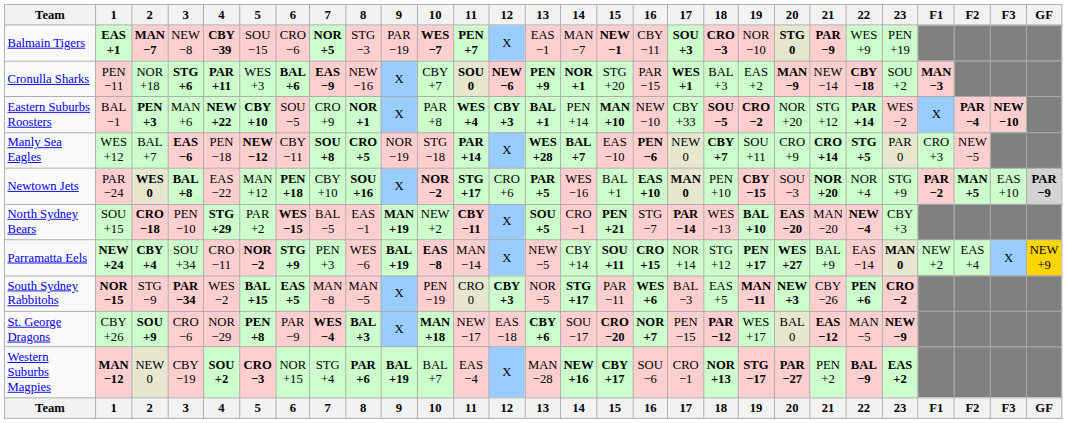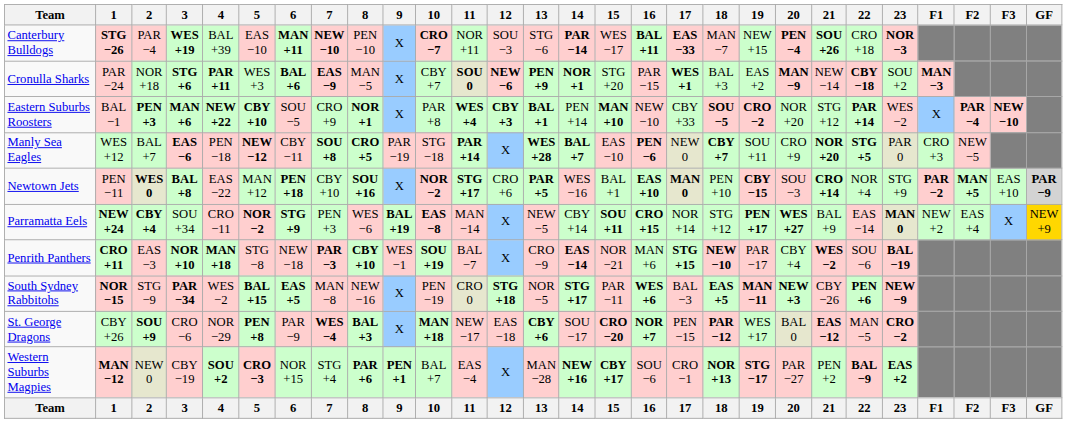 <table class="wikitable sortable" style="font-size:85%; text-align:center; width:90%">
 <tr valign="top">
 <th valign="middle">Team</th>
 <th>1</th>
 <th>2</th>
 <th>3</th>
 <th>4</th>
 <th>5</th>
 <th>6</th>
 <th>7</th>
 <th>8</th>
 <th>9</th>
 <th>10</th>
 <th>11</th>
 <th>12</th>
 <th>13</th>
 <th>14</th>
 <th>15</th>
 <th>16</th>
 <th>17</th>
 <th>18</th>
 <th>19</th>
 <th>20</th>
 <th>21</th>
 <th>22</th>
 <th>23</th>
 <th>F1</th>
 <th>F2</th>
 <th>F3</th>
 <th>GF</th>
 </tr>
 <tr>
-<td align="left"><a href='#'>Balmain Tigers</a></td>
-<td style="background:#cfc;"><strong>EAS<br>+1</strong></td>
-<td style="background:#FFCFCF;"><strong>MAN<br>−7</strong></td>
-<td style="background:#FFCFCF;">NEW<br>−8</td>
-<td style="background:#FFCFCF;"><strong>CBY<br>−39</strong></td>
-<td style="background:#FFCFCF;">SOU<br>−15</td>
-<td style="background:#FFCFCF;">CRO<br>−6</td>
-<td style="background:#cfc;"><strong>NOR<br>+5</strong></td>
-<td style="background:#FFCFCF;">STG<br>−3</td>
-<td style="background:#FFCFCF;">PAR<br>−19</td>
-<td style="background:#FFCFCF;"><strong>WES<br>−7</strong></td>
-<td style="background:#cfc;"><strong>PEN<br>+7</strong></td>
+<td align="left"><a href='#'>Canterbury Bulldogs</a></td>
+<td style="background:#FFCFCF;"><strong>STG<br>−26</strong></td>
+<td style="background:#FFCFCF;">PAR<br>−4</td>
+<td style="background:#cfc;"><strong>WES<br>+19</strong></td>
+<td style="background:#cfc;">BAL<br>+39</td>
+<td style="background:#FFCFCF;">EAS<br>−10</td>
+<td style="background:#cfc;"><strong>MAN<br>+11</strong></td>
+<td style="background:#FFCFCF;"><strong>NEW<br>−10</strong></td>
+<td style="background:#FFCFCF;">PEN<br>−10</td>
 <td style="background:#99ccff;">X</td>
-<td style="background:#FFCFCF;">EAS<br>−1</td>
+<td style="background:#FFCFCF;"><strong>CRO<br>−7</strong></td>
+<td style="background:#cfc;">NOR<br>+11</td>
+<td style="background:#FFCFCF;">SOU<br>−3</td>
+<td style="background:#FFCFCF;">STG<br>−6</td>
+<td style="background:#FFCFCF;"><strong>PAR<br>−14</strong></td>
+<td style="background:#FFCFCF;">WES<br>−17</td>
+<td style="background:#cfc;"><strong>BAL<br>+11</strong></td>
+<td style="background:#FFCFCF;"><strong>EAS<br>−33</strong></td>
 <td style="background:#FFCFCF;">MAN<br>−7</td>
-<td style="background:#FFCFCF;"><strong>NEW<br>−1</strong></td>
-<td style="background:#FFCFCF;">CBY<br>−11</td>
-<td style="background:#cfc;"><strong>SOU<br>+3</strong></td>
-<td style="background:#FFCFCF;"><strong>CRO<br>−3</strong></td>
-<td style="background:#FFCFCF;">NOR<br>−10</td>
-<td style="background:#E6E7CE"><strong>STG<br>0</strong></td>
-<td style="background:#FFCFCF;"><strong>PAR<br>−9</strong></td>
-<td style="background:#cfc;">WES<br>+9</td>
-<td style="background:#cfc;">PEN<br>+19</td>
+<td style="background:#cfc;">NEW<br>+15</td>
+<td style="background:#FFCFCF;"><strong>PEN<br>−4</strong></td>
+<td style="background:#cfc;"><strong>SOU<br>+26</strong></td>
+<td style="background:#cfc;">CRO<br>+18</td>
+<td style="background:#FFCFCF;"><strong>NOR<br>−3</strong></td>
 <td style="background:#808080;"></td>
 <td style="background:#808080;"></td>
 <td style="background:#808080;"></td>
 <td style="background:#808080;"></td>
 </tr>
 <tr>
 <td align="left"><a href='#'>Cronulla Sharks</a></td>
-<td style="background:#FFCFCF;">PEN<br>−11</td>
+<td style="background:#FFCFCF;">PAR<br>−24</td>
 <td style="background:#cfc;">NOR<br>+18</td>
 <td style="background:#cfc;"><strong>STG<br>+6</strong></td>
 <td style="background:#cfc;"><strong>PAR<br>+11</strong></td>
 <td style="background:#cfc;">WES<br>+3</td>
 <td style="background:#cfc;"><strong>BAL<br>+6</strong></td>
 <td style="background:#FFCFCF;"><strong>EAS<br>−9</strong></td>
-<td style="background:#FFCFCF;">NEW<br>−16</td>
+<td style="background:#FFCFCF;">MAN<br>−5</td>
 <td style="background:#99ccff;">X</td>
 <td style="background:#cfc;">CBY<br>+7</td>
 <td style="background:#E6E7CE"><strong>SOU<br>0</strong></td>
 <td style="background:#FFCFCF;"><strong>NEW<br>−6</strong></td>
 <td style="background:#cfc;"><strong>PEN<br>+9</strong></td>
 <td style="background:#cfc;"><strong>NOR<br>+1</strong></td>
 <td style="background:#cfc;">STG<br>+20</td>
 <td style="background:#FFCFCF;">PAR<br>−15</td>
 <td style="background:#cfc;"><strong>WES<br>+1</strong></td>
 <td style="background:#cfc;">BAL<br>+3</td>
 <td style="background:#cfc;">EAS<br>+2</td>
 <td style="background:#FFCFCF;"><strong>MAN<br>−9</strong></td>
 <td style="background:#FFCFCF;">NEW<br>−14</td>
 <td style="background:#FFCFCF;"><strong>CBY<br>−18</strong></td>
 <td style="background:#cfc;">SOU<br>+2</td>
 <td style="background:#FFCFCF;"><strong>MAN<br>−3</strong></td>
 <td style="background:#808080;"></td>
 <td style="background:#808080;"></td>
 <td style="background:#808080;"></td>
 </tr>
 <tr>
 <td align="left"><a href='#'>Eastern Suburbs Roosters</a></td>
 <td style="background:#FFCFCF;">BAL<br>−1</td>
 <td style="background:#cfc;"><strong>PEN<br>+3</strong></td>
-<td style="background:#cfc;">MAN<br>+6</td>
+<td style="background:#cfc;"><strong>MAN<br>+6</strong></td>
 <td style="background:#cfc;"><strong>NEW<br>+22</strong></td>
 <td style="background:#cfc;"><strong>CBY<br>+10</strong></td>
 <td style="background:#FFCFCF;">SOU<br>−5</td>
 <td style="background:#cfc;">CRO<br>+9</td>
 <td style="background:#cfc;"><strong>NOR<br>+1</strong></td>
 <td style="background:#99ccff;">X</td>
 <td style="background:#cfc;">PAR<br>+8</td>
 <td style="background:#cfc;"><strong>WES<br>+4</strong></td>
 <td style="background:#cfc;"><strong>CBY<br>+3</strong></td>
 <td style="background:#cfc;"><strong>BAL<br>+1</strong></td>
 <td style="background:#cfc;">PEN<br>+14</td>
 <td style="background:#cfc;"><strong>MAN<br>+10</strong></td>
 <td style="background:#FFCFCF;">NEW<br>−10</td>
 <td style="background:#cfc;">CBY<br>+33</td>
 <td style="background:#FFCFCF;"><strong>SOU<br>−5</strong></td>
 <td style="background:#FFCFCF;"><strong>CRO<br>−2</strong></td>
 <td style="background:#cfc;">NOR<br>+20</td>
 <td style="background:#cfc;">STG<br>+12</td>
 <td style="background:#cfc;"><strong>PAR<br>+14</strong></td>
 <td style="background:#FFCFCF;">WES<br>−2</td>
 <td style="background:#99ccff;">X</td>
 <td style="background:#FFCFCF;"><strong>PAR<br>−4</strong></td>
 <td style="background:#FFCFCF;"><strong>NEW<br>−10</strong></td>
 <td style="background:#808080;"></td>
 </tr>
 <tr>
 <td align="left"><a href='#'>Manly Sea Eagles</a></td>
 <td style="background:#cfc;">WES<br>+12</td>
 <td style="background:#cfc;">BAL<br>+7</td>
 <td style="background:#FFCFCF;"><strong>EAS<br>−6</strong></td>
 <td style="background:#FFCFCF;">PEN<br>−18</td>
 <td style="background:#FFCFCF;"><strong>NEW<br>−12</strong></td>
 <td style="background:#FFCFCF;">CBY<br>−11</td>
 <td style="background:#cfc;"><strong>SOU<br>+8</strong></td>
 <td style="background:#cfc;"><strong>CRO<br>+5</strong></td>
-<td style="background:#FFCFCF;">NOR<br>−19</td>
+<td style="background:#FFCFCF;">PAR<br>−19</td>
 <td style="background:#FFCFCF;">STG<br>−18</td>
 <td style="background:#cfc;"><strong>PAR<br>+14</strong></td>
 <td style="background:#99ccff;">X</td>
 <td style="background:#cfc;"><strong>WES<br>+28</strong></td>
 <td style="background:#cfc;"><strong>BAL<br>+7</strong></td>
 <td style="background:#FFCFCF;">EAS<br>−10</td>
 <td style="background:#FFCFCF;"><strong>PEN<br>−6</strong></td>
 <td style="background:#E6E7CE">NEW<br>0</td>
 <td style="background:#cfc;"><strong>CBY<br>+7</strong></td>
 <td style="background:#cfc;">SOU<br>+11</td>
 <td style="background:#cfc;">CRO<br>+9</td>
-<td style="background:#cfc;"><strong>CRO<br>+14</strong></td>
+<td style="background:#cfc;"><strong>NOR<br>+20</strong></td>
 <td style="background:#cfc;"><strong>STG<br>+5</strong></td>
 <td style="background:#E6E7CE">PAR<br>0</td>
 <td style="background:#cfc;">CRO<br>+3</td>
 <td style="background:#FFCFCF;">NEW<br>−5</td>
 <td style="background:#808080;"></td>
 <td style="background:#808080;"></td>
 </tr>
 <tr>
 <td align="left"><a href='#'>Newtown Jets</a></td>
-<td style="background:#FFCFCF;">PAR<br>−24</td>
+<td style="background:#FFCFCF;">PEN<br>−11</td>
 <td style="background:#E6E7CE"><strong>WES<br>0</strong></td>
 <td style="background:#cfc;"><strong>BAL<br>+8</strong></td>
 <td style="background:#FFCFCF;">EAS<br>−22</td>
 <td style="background:#cfc;">MAN<br>+12</td>
 <td style="background:#cfc;"><strong>PEN<br>+18</strong></td>
 <td style="background:#cfc;">CBY<br>+10</td>
 <td style="background:#cfc;"><strong>SOU<br>+16</strong></td>
 <td style="background:#99ccff;">X</td>
 <td style="background:#FFCFCF;"><strong>NOR<br>−2</strong></td>
 <td style="background:#cfc;"><strong>STG<br>+17</strong></td>
 <td style="background:#cfc;">CRO<br>+6</td>
 <td style="background:#cfc;"><strong>PAR<br>+5</strong></td>
 <td style="background:#FFCFCF;">WES<br>−16</td>
 <td style="background:#cfc;">BAL<br>+1</td>
 <td style="background:#cfc;"><strong>EAS<br>+10</strong></td>
 <td style="background:#E6E7CE"><strong>MAN<br>0</strong></td>
 <td style="background:#cfc;">PEN<br>+10</td>
 <td style="background:#FFCFCF;"><strong>CBY<br>−15</strong></td>
 <td style="background:#FFCFCF;">SOU<br>−3</td>
-<td style="background:#cfc;"><strong>NOR<br>+20</strong></td>
+<td style="background:#cfc;"><strong>CRO<br>+14</strong></td>
 <td style="background:#cfc;">NOR<br>+4</td>
 <td style="background:#cfc;">STG<br>+9</td>
 <td style="background:#FFCFCF;"><strong>PAR<br>−2</strong></td>
 <td style="background:#cfc;"><strong>MAN<br>+5</strong></td>
 <td style="background:#cfc;">EAS<br>+10</td>
 <td style="background:#D3D3D3;"><strong>PAR<br>−9</strong></td>
-</tr>
-<tr>
-<td align="left"><a href='#'>North Sydney Bears</a></td>
-<td style="background:#cfc;">SOU<br>+15</td>
-<td style="background:#FFCFCF;"><strong>CRO<br>−18</strong></td>
-<td style="background:#FFCFCF;">PEN<br>−10</td>
-<td style="background:#cfc;"><strong>STG<br>+29</strong></td>
-<td style="background:#cfc;">PAR<br>+2</td>
-<td style="background:#FFCFCF;"><strong>WES<br>−15</strong></td>
-<td style="background:#FFCFCF;">BAL<br>−5</td>
-<td style="background:#FFCFCF;">EAS<br>−1</td>
-<td style="background:#cfc;"><strong>MAN<br>+19</strong></td>
-<td style="background:#cfc;">NEW<br>+2</td>
-<td style="background:#FFCFCF;"><strong>CBY<br>−11</strong></td>
-<td style="background:#99ccff;">X</td>
-<td style="background:#cfc;"><strong>SOU<br>+5</strong></td>
-<td style="background:#FFCFCF;">CRO<br>−1</td>
-<td style="background:#cfc;"><strong>PEN<br>+21</strong></td>
-<td style="background:#FFCFCF;">STG<br>−7</td>
-<td style="background:#FFCFCF;"><strong>PAR<br>−14</strong></td>
-<td style="background:#FFCFCF;">WES<br>−13</td>
-<td style="background:#cfc;"><strong>BAL<br>+10</strong></td>
-<td style="background:#FFCFCF;"><strong>EAS<br>−20</strong></td>
-<td style="background:#FFCFCF;">MAN<br>−20</td>
-<td style="background:#FFCFCF;"><strong>NEW<br>−4</strong></td>
-<td style="background:#cfc;">CBY<br>+3</td>
-<td style="background:#808080;"></td>
-<td style="background:#808080;"></td>
-<td style="background:#808080;"></td>
-<td style="background:#808080;"></td>
 </tr>
 <tr>
 <td align="left"><a href='#'>Parramatta Eels</a></td>
 <td style="background:#cfc;"><strong>NEW<br>+24</strong></td>
 <td style="background:#cfc;"><strong>CBY<br>+4</strong></td>
 <td style="background:#cfc;">SOU<br>+34</td>
 <td style="background:#FFCFCF;">CRO<br>−11</td>
 <td style="background:#FFCFCF;"><strong>NOR<br>−2</strong></td>
 <td style="background:#cfc;"><strong>STG<br>+9</strong></td>
 <td style="background:#cfc;">PEN<br>+3</td>
 <td style="background:#FFCFCF;">WES<br>−6</td>
 <td style="background:#cfc;"><strong>BAL<br>+19</strong></td>
 <td style="background:#FFCFCF;"><strong>EAS<br>−8</strong></td>
 <td style="background:#FFCFCF;">MAN<br>−14</td>
 <td style="background:#99ccff;">X</td>
 <td style="background:#FFCFCF;">NEW<br>−5</td>
 <td style="background:#cfc;">CBY<br>+14</td>
 <td style="background:#cfc;"><strong>SOU<br>+11</strong></td>
 <td style="background:#cfc;"><strong>CRO<br>+15</strong></td>
 <td style="background:#cfc;">NOR<br>+14</td>
 <td style="background:#cfc;">STG<br>+12</td>
 <td style="background:#cfc;"><strong>PEN<br>+17</strong></td>
 <td style="background:#cfc;"><strong>WES<br>+27</strong></td>
 <td style="background:#cfc;">BAL<br>+9</td>
 <td style="background:#FFCFCF;">EAS<br>−14</td>
 <td style="background:#E6E7CE"><strong>MAN<br>0</strong></td>
 <td style="background:#cfc;">NEW<br>+2</td>
 <td style="background:#cfc;">EAS<br>+4</td>
 <td style="background:#99ccff;">X</td>
 <td style="background:#FFD700;">NEW<br>+9</td>
 </tr>
 <tr>
+<td align="left"><a href='#'>Penrith Panthers</a></td>
+<td style="background:#cfc;"><strong>CRO<br>+11</strong></td>
+<td style="background:#FFCFCF;">EAS<br>−3</td>
+<td style="background:#cfc;"><strong>NOR<br>+10</strong></td>
+<td style="background:#cfc;"><strong>MAN<br>+18</strong></td>
+<td style="background:#FFCFCF;">STG<br>−8</td>
+<td style="background:#FFCFCF;">NEW<br>−18</td>
+<td style="background:#FFCFCF;"><strong>PAR<br>−3</strong></td>
+<td style="background:#cfc;"><strong>CBY<br>+10</strong></td>
+<td style="background:#FFCFCF;">WES<br>−1</td>
+<td style="background:#cfc;"><strong>SOU<br>+19</strong></td>
+<td style="background:#FFCFCF;">BAL<br>−7</td>
+<td style="background:#99ccff;">X</td>
+<td style="background:#FFCFCF;">CRO<br>−9</td>
+<td style="background:#FFCFCF;"><strong>EAS<br>−14</strong></td>
+<td style="background:#FFCFCF;">NOR<br>−21</td>
+<td style="background:#cfc;">MAN<br>+6</td>
+<td style="background:#cfc;"><strong>STG<br>+15</strong></td>
+<td style="background:#FFCFCF;"><strong>NEW<br>−10</strong></td>
+<td style="background:#FFCFCF;">PAR<br>−17</td>
+<td style="background:#cfc;">CBY<br>+4</td>
+<td style="background:#FFCFCF;"><strong>WES<br>−2</strong></td>
+<td style="background:#FFCFCF;">SOU<br>−6</td>
+<td style="background:#FFCFCF;"><strong>BAL<br>−19</strong></td>
+<td style="background:#808080;"></td>
+<td style="background:#808080;"></td>
+<td style="background:#808080;"></td>
+<td style="background:#808080;"></td>
+</tr>
+<tr>
 <td align="left"><a href='#'>South Sydney Rabbitohs</a></td>
 <td style="background:#FFCFCF;"><strong>NOR<br>−15</strong></td>
 <td style="background:#FFCFCF;">STG<br>−9</td>
 <td style="background:#FFCFCF;"><strong>PAR<br>−34</strong></td>
 <td style="background:#FFCFCF;">WES<br>−2</td>
 <td style="background:#cfc;"><strong>BAL<br>+15</strong></td>
 <td style="background:#cfc;"><strong>EAS<br>+5</strong></td>
 <td style="background:#FFCFCF;">MAN<br>−8</td>
-<td style="background:#FFCFCF;">MAN<br>−5</td>
+<td style="background:#FFCFCF;">NEW<br>−16</td>
 <td style="background:#99ccff;">X</td>
 <td style="background:#FFCFCF;">PEN<br>−19</td>
 <td style="background:#E6E7CE">CRO<br>0</td>
-<td style="background:#cfc;"><strong>CBY<br>+3</strong></td>
+<td style="background:#cfc;"><strong>STG<br>+18</strong></td>
 <td style="background:#FFCFCF;">NOR<br>−5</td>
 <td style="background:#cfc;"><strong>STG<br>+17</strong></td>
 <td style="background:#FFCFCF;">PAR<br>−11</td>
 <td style="background:#cfc;"><strong>WES<br>+6</strong></td>
 <td style="background:#FFCFCF;">BAL<br>−3</td>
-<td style="background:#cfc;">EAS<br>+5</td>
+<td style="background:#cfc;"><strong>EAS<br>+5</strong></td>
 <td style="background:#FFCFCF;"><strong>MAN<br>−11</strong></td>
 <td style="background:#cfc;"><strong>NEW<br>+3</strong></td>
 <td style="background:#FFCFCF;">CBY<br>−26</td>
 <td style="background:#cfc;"><strong>PEN<br>+6</strong></td>
-<td style="background:#FFCFCF;"><strong>CRO<br>−2</strong></td>
+<td style="background:#FFCFCF;"><strong>NEW<br>−9</strong></td>
 <td style="background:#808080;"></td>
 <td style="background:#808080;"></td>
 <td style="background:#808080;"></td>
 <td style="background:#808080;"></td>
 </tr>
 <tr>
 <td align="left"><a href='#'>St. George Dragons</a></td>
 <td style="background:#cfc;">CBY<br>+26</td>
 <td style="background:#cfc;"><strong>SOU<br>+9</strong></td>
 <td style="background:#FFCFCF;">CRO<br>−6</td>
 <td style="background:#FFCFCF;">NOR<br>−29</td>
 <td style="background:#cfc;"><strong>PEN<br>+8</strong></td>
 <td style="background:#FFCFCF;">PAR<br>−9</td>
 <td style="background:#FFCFCF;"><strong>WES<br>−4</strong></td>
 <td style="background:#cfc;"><strong>BAL<br>+3</strong></td>
 <td style="background:#99ccff;">X</td>
 <td style="background:#cfc;"><strong>MAN<br>+18</strong></td>
 <td style="background:#FFCFCF;">NEW<br>−17</td>
 <td style="background:#FFCFCF;">EAS<br>−18</td>
 <td style="background:#cfc;"><strong>CBY<br>+6</strong></td>
 <td style="background:#FFCFCF;">SOU<br>−17</td>
 <td style="background:#FFCFCF;"><strong>CRO<br>−20</strong></td>
 <td style="background:#cfc;"><strong>NOR<br>+7</strong></td>
 <td style="background:#FFCFCF;">PEN<br>−15</td>
 <td style="background:#FFCFCF;"><strong>PAR<br>−12</strong></td>
 <td style="background:#cfc;">WES<br>+17</td>
 <td style="background:#E6E7CE">BAL<br>0</td>
 <td style="background:#FFCFCF;"><strong>EAS<br>−12</strong></td>
 <td style="background:#FFCFCF;">MAN<br>−5</td>
-<td style="background:#FFCFCF;"><strong>NEW<br>−9</strong></td>
+<td style="background:#FFCFCF;"><strong>CRO<br>−2</strong></td>
 <td style="background:#808080;"></td>
 <td style="background:#808080;"></td>
 <td style="background:#808080;"></td>
 <td style="background:#808080;"></td>
 </tr>
 <tr>
 <td align="left"><a href='#'>Western Suburbs Magpies</a></td>
 <td style="background:#FFCFCF;"><strong>MAN<br>−12</strong></td>
 <td style="background:#E6E7CE">NEW<br>0</td>
 <td style="background:#FFCFCF;">CBY<br>−19</td>
 <td style="background:#cfc;"><strong>SOU<br>+2</strong></td>
 <td style="background:#FFCFCF;"><strong>CRO<br>−3</strong></td>
 <td style="background:#cfc;">NOR<br>+15</td>
 <td style="background:#cfc;">STG<br>+4</td>
 <td style="background:#cfc;"><strong>PAR<br>+6</strong></td>
-<td style="background:#cfc;"><strong>BAL<br>+19</strong></td>
+<td style="background:#cfc;"><strong>PEN<br>+1</strong></td>
 <td style="background:#cfc;">BAL<br>+7</td>
 <td style="background:#FFCFCF;">EAS<br>−4</td>
 <td style="background:#99ccff;">X</td>
 <td style="background:#FFCFCF;">MAN<br>−28</td>
 <td style="background:#cfc;"><strong>NEW<br>+16</strong></td>
 <td style="background:#cfc;"><strong>CBY<br>+17</strong></td>
 <td style="background:#FFCFCF;">SOU<br>−6</td>
 <td style="background:#FFCFCF;">CRO<br>−1</td>
 <td style="background:#cfc;"><strong>NOR<br>+13</strong></td>
 <td style="background:#FFCFCF;"><strong>STG<br>−17</strong></td>
-<td style="background:#FFCFCF;"><strong>PAR<br>−27</strong></td>
+<td style="background:#FFCFCF;">PAR<br>−27</td>
 <td style="background:#cfc;">PEN<br>+2</td>
 <td style="background:#FFCFCF;"><strong>BAL<br>−9</strong></td>
 <td style="background:#cfc;"><strong>EAS<br>+2</strong></td>
 <td style="background:#808080;"></td>
 <td style="background:#808080;"></td>
 <td style="background:#808080;"></td>
 <td style="background:#808080;"></td>
 </tr>
 <tr valign="top">
 <th valign="middle">Team</th>
 <th>1</th>
 <th>2</th>
 <th>3</th>
 <th>4</th>
 <th>5</th>
 <th>6</th>
 <th>7</th>
 <th>8</th>
 <th>9</th>
 <th>10</th>
 <th>11</th>
 <th>12</th>
 <th>13</th>
 <th>14</th>
 <th>15</th>
 <th>16</th>
 <th>17</th>
 <th>18</th>
 <th>19</th>
 <th>20</th>
 <th>21</th>
 <th>22</th>
 <th>23</th>
 <th>F1</th>
 <th>F2</th>
 <th>F3</th>
 <th>GF</th>
 </tr>
 </table>
